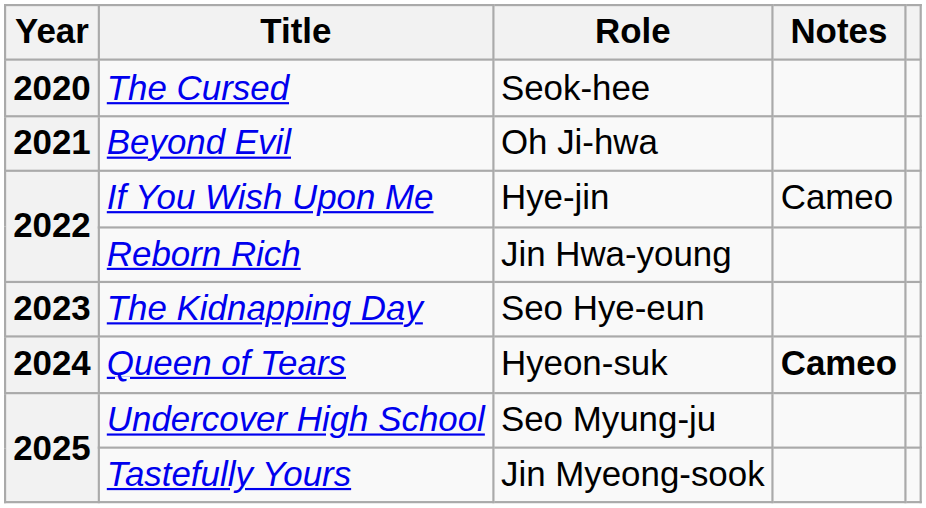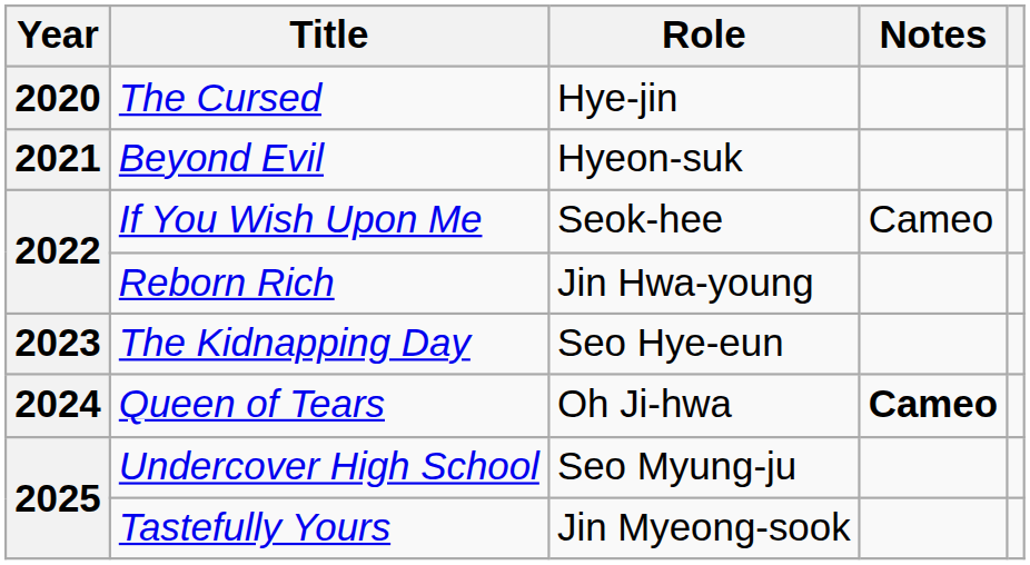 <table class="wikitable plainrowheaders sortable">
 <tr>
 <th scope="col">Year</th>
 <th scope="col">Title</th>
 <th scope="col">Role</th>
 <th scope="col">Notes</th>
 <th scope="col" class="unsortable"></th>
 </tr>
 <tr>
 <th scope="row">2020</th>
 <td><em><a href='#'>The Cursed</a></em></td>
-<td>Seok-hee</td>
+<td>Hye-jin</td>
 <td></td>
 <td style="text-align:center"></td>
 </tr>
 <tr>
 <th scope="row">2021</th>
 <td><em><a href='#'>Beyond Evil</a></em></td>
-<td>Oh Ji-hwa</td>
+<td>Hyeon-suk</td>
 <td></td>
 <td style="text-align:center"></td>
 </tr>
 <tr>
 <th scope="row" rowspan="2">2022</th>
 <td><em><a href='#'>If You Wish Upon Me</a></em></td>
-<td>Hye-jin</td>
+<td>Seok-hee</td>
 <td>Cameo</td>
 <td style="text-align:center"></td>
 </tr>
 <tr>
 <td><em><a href='#'>Reborn Rich</a></em></td>
 <td>Jin Hwa-young</td>
 <td></td>
 <td style="text-align:center"></td>
 </tr>
 <tr>
 <th scope="row">2023</th>
 <td><em><a href='#'>The Kidnapping Day</a></em></td>
 <td>Seo Hye-eun</td>
 <td></td>
 <td style="text-align:center"></td>
 </tr>
 <tr>
 <th scope="row">2024</th>
 <td><em><a href='#'>Queen of Tears</a></em></td>
-<td>Hyeon-suk</td>
+<td>Oh Ji-hwa</td>
 <td><strong>Cameo</strong></td>
 <td style="text-align:center"></td>
 </tr>
 <tr>
 <th scope="row" rowspan="2">2025</th>
 <td><em><a href='#'>Undercover High School</a></em></td>
 <td>Seo Myung-ju</td>
 <td></td>
 <td style="text-align:center"></td>
 </tr>
 <tr>
 <td><em><a href='#'>Tastefully Yours</a></em></td>
 <td>Jin Myeong-sook</td>
 <td></td>
 <td style="text-align:center"></td>
 </tr>
 </table>
